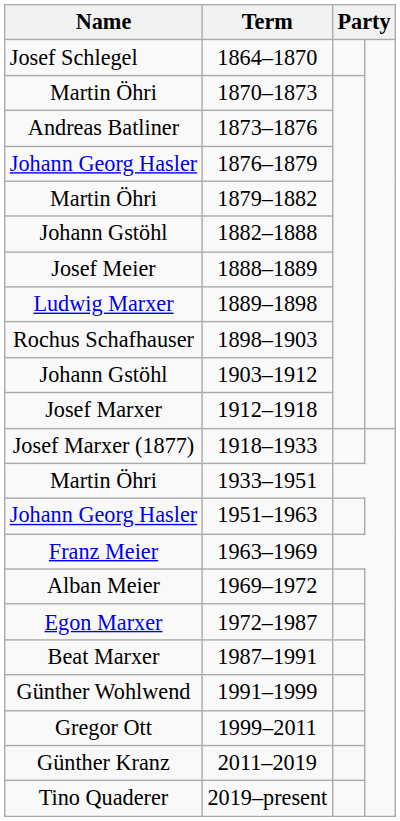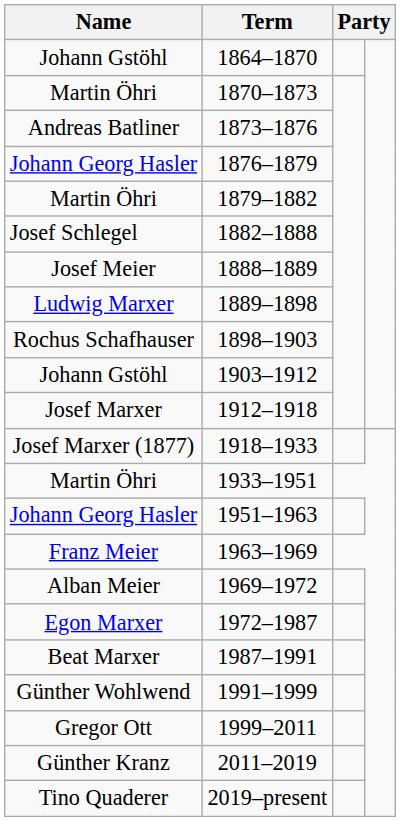 <table class="wikitable" style="text-align:center;" style="font-size: 85%">
 <tr>
 <th scope=col>Name</th>
 <th scope="col">Term</th>
 <th colspan="2" scope="colgroup">Party</th>
 </tr>
 <tr>
-<td align="left">Josef Schlegel</td>
+<td align=“left”>Johann Gstöhl</td>
 <td>1864–1870</td>
 <td style="background:"></td>
 <td rowspan="11"></td>
 </tr>
 <tr>
 <td align=“left”>Martin Öhri</td>
 <td>1870–1873</td>
 </tr>
 <tr>
 <td align=“left”>Andreas Batliner</td>
 <td>1873–1876</td>
 </tr>
 <tr>
 <td align=“left”><a href='#'>Johann Georg Hasler</a></td>
 <td>1876–1879</td>
 </tr>
 <tr>
 <td align=“left”>Martin Öhri</td>
 <td>1879–1882</td>
 </tr>
 <tr>
-<td align=“left”>Johann Gstöhl</td>
+<td align="left">Josef Schlegel</td>
 <td>1882–1888</td>
 </tr>
 <tr>
 <td align=“left”>Josef Meier</td>
 <td>1888–1889</td>
 </tr>
 <tr>
 <td align=“left”><a href='#'>Ludwig Marxer</a></td>
 <td>1889–1898</td>
 </tr>
 <tr>
 <td align=“left”>Rochus Schafhauser</td>
 <td>1898–1903</td>
 </tr>
 <tr>
 <td align=“left”>Johann Gstöhl</td>
 <td>1903–1912</td>
 </tr>
 <tr>
 <td align=“left”>Josef Marxer</td>
 <td>1912–1918</td>
 </tr>
 <tr>
 <td align=“left”>Josef Marxer (1877)</td>
 <td>1918–1933</td>
 <td></td>
 </tr>
 <tr>
 <td align=“left”>Martin Öhri</td>
 <td>1933–1951</td>
 </tr>
 <tr>
 <td align=“left”><a href='#'>Johann Georg Hasler</a></td>
 <td>1951–1963</td>
 <td></td>
 </tr>
 <tr>
 <td align=“left”><a href='#'>Franz Meier</a></td>
 <td>1963–1969</td>
 </tr>
 <tr>
 <td align=“left”>Alban Meier</td>
 <td>1969–1972</td>
 <td></td>
 </tr>
 <tr>
 <td align=“left”><a href='#'>Egon Marxer</a></td>
 <td>1972–1987</td>
 <td></td>
 </tr>
 <tr>
 <td align=“left”>Beat Marxer</td>
 <td>1987–1991</td>
 <td></td>
 </tr>
 <tr>
 <td align=“left”>Günther Wohlwend</td>
 <td>1991–1999</td>
 <td></td>
 </tr>
 <tr>
 <td align=“left”>Gregor Ott</td>
 <td>1999–2011</td>
 <td></td>
 </tr>
 <tr>
 <td align=“left”>Günther Kranz</td>
 <td>2011–2019</td>
 <td></td>
 </tr>
 <tr>
 <td align=“left”>Tino Quaderer</td>
 <td>2019–present</td>
 <td></td>
 </tr>
 </table>
